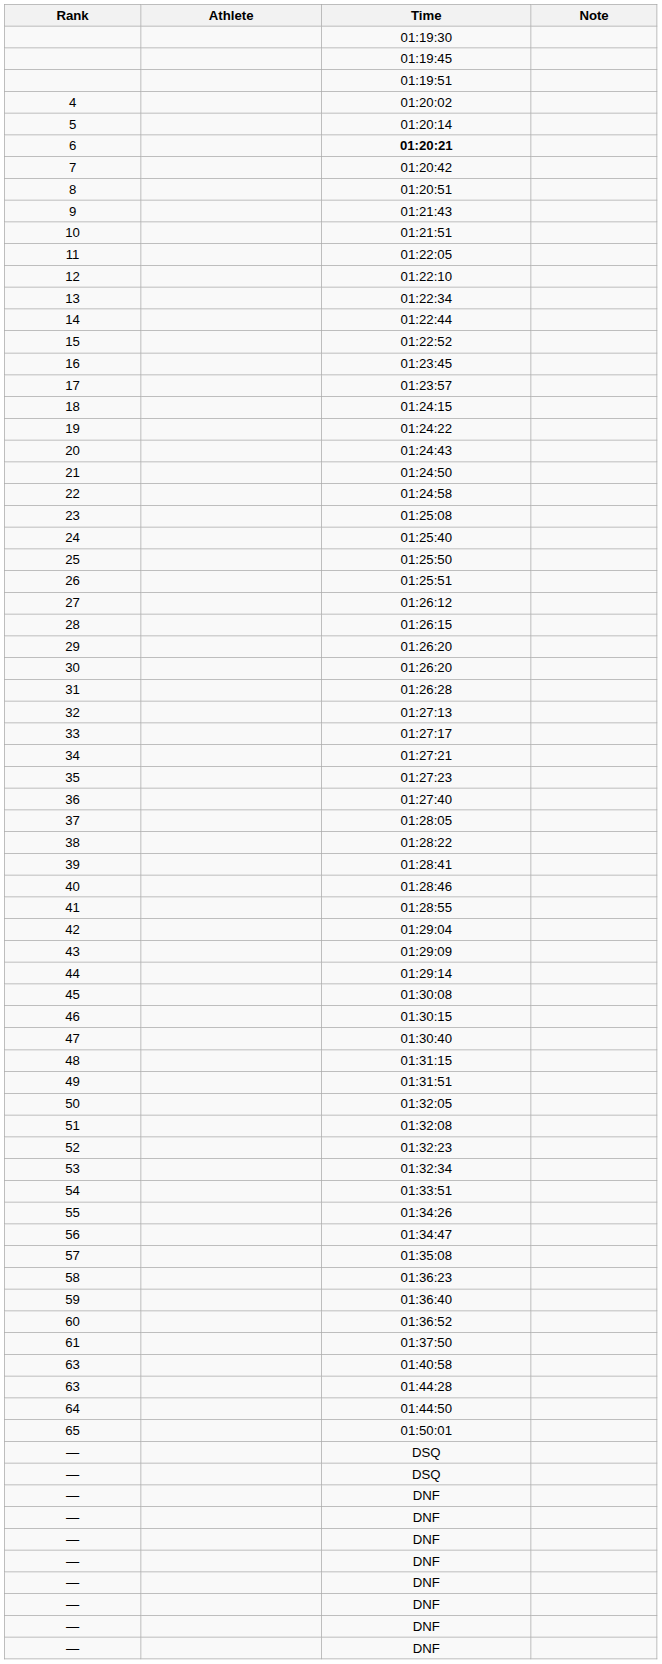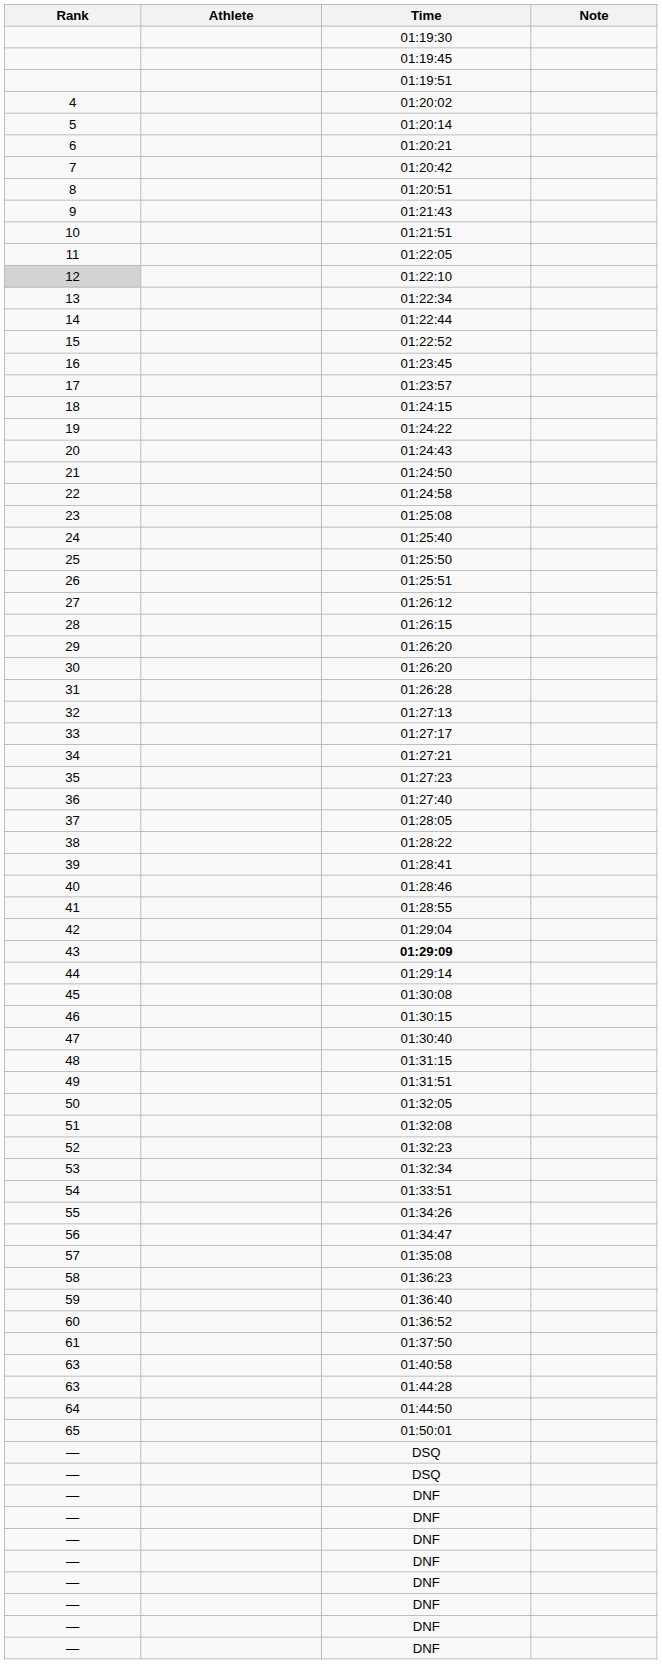 <table class="wikitable" style=" text-align:center; font-size:110%;" width="55%">
 <tr>
 <th>Rank</th>
 <th>Athlete</th>
 <th>Time</th>
 <th>Note</th>
 </tr>
 <tr>
 <td></td>
 <td align=left></td>
 <td>01:19:30</td>
 <td></td>
 </tr>
 <tr>
 <td></td>
 <td align=left></td>
 <td>01:19:45</td>
 <td></td>
 </tr>
 <tr>
 <td></td>
 <td align=left></td>
 <td>01:19:51</td>
 <td></td>
 </tr>
 <tr>
 <td>4</td>
 <td align=left></td>
 <td>01:20:02</td>
 <td></td>
 </tr>
 <tr>
 <td>5</td>
 <td align=left></td>
 <td>01:20:14</td>
 <td></td>
 </tr>
 <tr>
 <td>6</td>
 <td align=left></td>
-<td><strong>01:20:21</strong></td>
+<td>01:20:21</td>
 <td></td>
 </tr>
 <tr>
 <td>7</td>
 <td align=left></td>
 <td>01:20:42</td>
 <td></td>
 </tr>
 <tr>
 <td>8</td>
 <td align=left></td>
 <td>01:20:51</td>
 <td></td>
 </tr>
 <tr>
 <td>9</td>
 <td align=left></td>
 <td>01:21:43</td>
 <td></td>
 </tr>
 <tr>
 <td>10</td>
 <td align=left></td>
 <td>01:21:51</td>
 <td></td>
 </tr>
 <tr>
 <td>11</td>
 <td align=left></td>
 <td>01:22:05</td>
 <td></td>
 </tr>
 <tr>
-<td>12</td>
+<td style="background: lightgrey;">12</td>
 <td align=left></td>
 <td>01:22:10</td>
 <td></td>
 </tr>
 <tr>
 <td>13</td>
 <td align=left></td>
 <td>01:22:34</td>
 <td></td>
 </tr>
 <tr>
 <td>14</td>
 <td align=left></td>
 <td>01:22:44</td>
 <td></td>
 </tr>
 <tr>
 <td>15</td>
 <td align=left></td>
 <td>01:22:52</td>
 <td></td>
 </tr>
 <tr>
 <td>16</td>
 <td align=left></td>
 <td>01:23:45</td>
 <td></td>
 </tr>
 <tr>
 <td>17</td>
 <td align=left></td>
 <td>01:23:57</td>
 <td></td>
 </tr>
 <tr>
 <td>18</td>
 <td align=left></td>
 <td>01:24:15</td>
 <td></td>
 </tr>
 <tr>
 <td>19</td>
 <td align=left></td>
 <td>01:24:22</td>
 <td></td>
 </tr>
 <tr>
 <td>20</td>
 <td align=left></td>
 <td>01:24:43</td>
 <td></td>
 </tr>
 <tr>
 <td>21</td>
 <td align=left></td>
 <td>01:24:50</td>
 <td></td>
 </tr>
 <tr>
 <td>22</td>
 <td align=left></td>
 <td>01:24:58</td>
 <td></td>
 </tr>
 <tr>
 <td>23</td>
 <td align=left></td>
 <td>01:25:08</td>
 <td></td>
 </tr>
 <tr>
 <td>24</td>
 <td align=left></td>
 <td>01:25:40</td>
 <td></td>
 </tr>
 <tr>
 <td>25</td>
 <td align=left></td>
 <td>01:25:50</td>
 <td></td>
 </tr>
 <tr>
 <td>26</td>
 <td align=left></td>
 <td>01:25:51</td>
 <td></td>
 </tr>
 <tr>
 <td>27</td>
 <td align=left></td>
 <td>01:26:12</td>
 <td></td>
 </tr>
 <tr>
 <td>28</td>
 <td align=left></td>
 <td>01:26:15</td>
 <td></td>
 </tr>
 <tr>
 <td>29</td>
 <td align=left></td>
 <td>01:26:20</td>
 <td></td>
 </tr>
 <tr>
 <td>30</td>
 <td align=left></td>
 <td>01:26:20</td>
 <td></td>
 </tr>
 <tr>
 <td>31</td>
 <td align=left></td>
 <td>01:26:28</td>
 <td></td>
 </tr>
 <tr>
 <td>32</td>
 <td align=left></td>
 <td>01:27:13</td>
 <td></td>
 </tr>
 <tr>
 <td>33</td>
 <td align=left></td>
 <td>01:27:17</td>
 <td></td>
 </tr>
 <tr>
 <td>34</td>
 <td align=left></td>
 <td>01:27:21</td>
 <td></td>
 </tr>
 <tr>
 <td>35</td>
 <td align=left></td>
 <td>01:27:23</td>
 <td></td>
 </tr>
 <tr>
 <td>36</td>
 <td align=left></td>
 <td>01:27:40</td>
 <td></td>
 </tr>
 <tr>
 <td>37</td>
 <td align=left></td>
 <td>01:28:05</td>
 <td></td>
 </tr>
 <tr>
 <td>38</td>
 <td align=left></td>
 <td>01:28:22</td>
 <td></td>
 </tr>
 <tr>
 <td>39</td>
 <td align=left></td>
 <td>01:28:41</td>
 <td></td>
 </tr>
 <tr>
 <td>40</td>
 <td align=left></td>
 <td>01:28:46</td>
 <td></td>
 </tr>
 <tr>
 <td>41</td>
 <td align=left></td>
 <td>01:28:55</td>
 <td></td>
 </tr>
 <tr>
 <td>42</td>
 <td align=left></td>
 <td>01:29:04</td>
 <td></td>
 </tr>
 <tr>
 <td>43</td>
 <td align=left></td>
-<td>01:29:09</td>
+<td><strong>01:29:09</strong></td>
 <td></td>
 </tr>
 <tr>
 <td>44</td>
 <td align=left></td>
 <td>01:29:14</td>
 <td></td>
 </tr>
 <tr>
 <td>45</td>
 <td align=left></td>
 <td>01:30:08</td>
 <td></td>
 </tr>
 <tr>
 <td>46</td>
 <td align=left></td>
 <td>01:30:15</td>
 <td></td>
 </tr>
 <tr>
 <td>47</td>
 <td align=left></td>
 <td>01:30:40</td>
 <td></td>
 </tr>
 <tr>
 <td>48</td>
 <td align=left></td>
 <td>01:31:15</td>
 <td></td>
 </tr>
 <tr>
 <td>49</td>
 <td align=left></td>
 <td>01:31:51</td>
 <td></td>
 </tr>
 <tr>
 <td>50</td>
 <td align=left></td>
 <td>01:32:05</td>
 <td></td>
 </tr>
 <tr>
 <td>51</td>
 <td align=left></td>
 <td>01:32:08</td>
 <td></td>
 </tr>
 <tr>
 <td>52</td>
 <td align=left></td>
 <td>01:32:23</td>
 <td></td>
 </tr>
 <tr>
 <td>53</td>
 <td align=left></td>
 <td>01:32:34</td>
 <td></td>
 </tr>
 <tr>
 <td>54</td>
 <td align=left></td>
 <td>01:33:51</td>
 <td></td>
 </tr>
 <tr>
 <td>55</td>
 <td align=left></td>
 <td>01:34:26</td>
 <td></td>
 </tr>
 <tr>
 <td>56</td>
 <td align=left></td>
 <td>01:34:47</td>
 <td></td>
 </tr>
 <tr>
 <td>57</td>
 <td align=left></td>
 <td>01:35:08</td>
 <td></td>
 </tr>
 <tr>
 <td>58</td>
 <td align=left></td>
 <td>01:36:23</td>
 <td></td>
 </tr>
 <tr>
 <td>59</td>
 <td align=left></td>
 <td>01:36:40</td>
 <td></td>
 </tr>
 <tr>
 <td>60</td>
 <td align=left></td>
 <td>01:36:52</td>
 <td></td>
 </tr>
 <tr>
 <td>61</td>
 <td align=left></td>
 <td>01:37:50</td>
 <td></td>
 </tr>
 <tr>
 <td>63</td>
 <td align=left></td>
 <td>01:40:58</td>
 <td></td>
 </tr>
 <tr>
 <td>63</td>
 <td align=left></td>
 <td>01:44:28</td>
 <td></td>
 </tr>
 <tr>
 <td>64</td>
 <td align=left></td>
 <td>01:44:50</td>
 <td></td>
 </tr>
 <tr>
 <td>65</td>
 <td align=left></td>
 <td>01:50:01</td>
 <td></td>
 </tr>
 <tr>
 <td>—</td>
 <td align=left></td>
 <td>DSQ</td>
 <td></td>
 </tr>
 <tr>
 <td>—</td>
 <td align=left></td>
 <td>DSQ</td>
 <td></td>
 </tr>
 <tr>
 <td>—</td>
 <td align=left></td>
 <td>DNF</td>
 <td></td>
 </tr>
 <tr>
 <td>—</td>
 <td align=left></td>
 <td>DNF</td>
 <td></td>
 </tr>
 <tr>
 <td>—</td>
 <td align=left></td>
 <td>DNF</td>
 <td></td>
 </tr>
 <tr>
 <td>—</td>
 <td align=left></td>
 <td>DNF</td>
 <td></td>
 </tr>
 <tr>
 <td>—</td>
 <td align=left></td>
 <td>DNF</td>
 <td></td>
 </tr>
 <tr>
 <td>—</td>
 <td align=left></td>
 <td>DNF</td>
 <td></td>
 </tr>
 <tr>
 <td>—</td>
 <td align=left></td>
 <td>DNF</td>
 <td></td>
 </tr>
 <tr>
 <td>—</td>
 <td align=left></td>
 <td>DNF</td>
 <td></td>
 </tr>
 </table>
